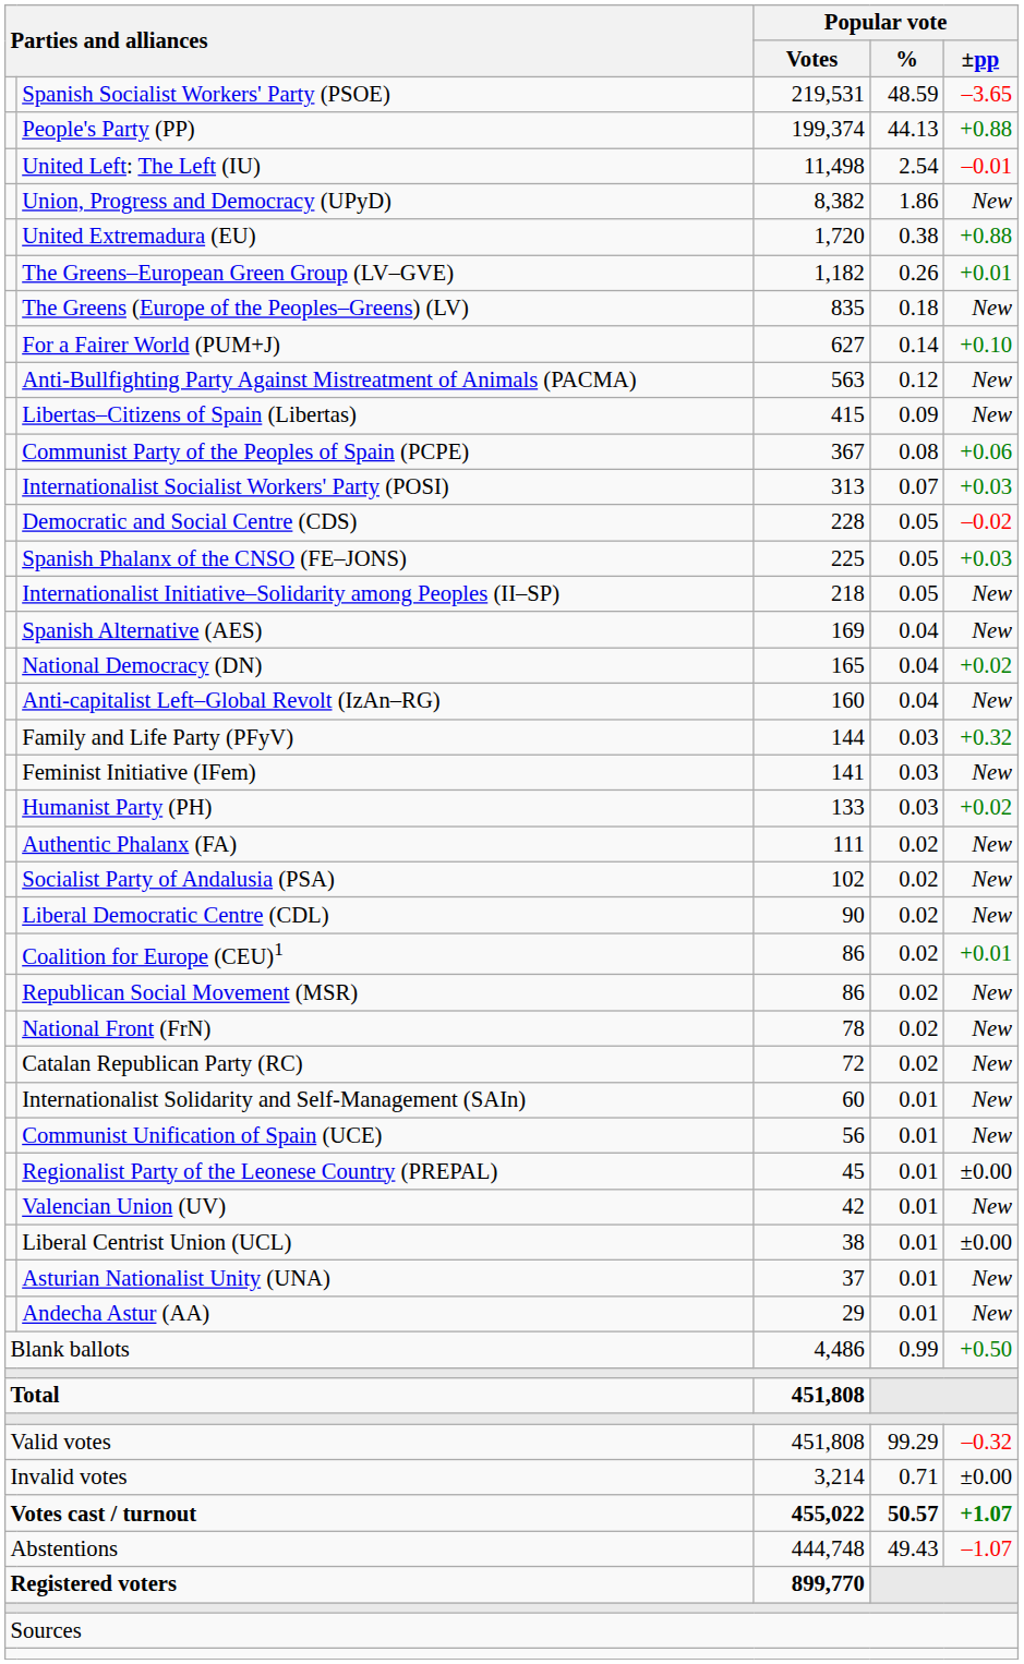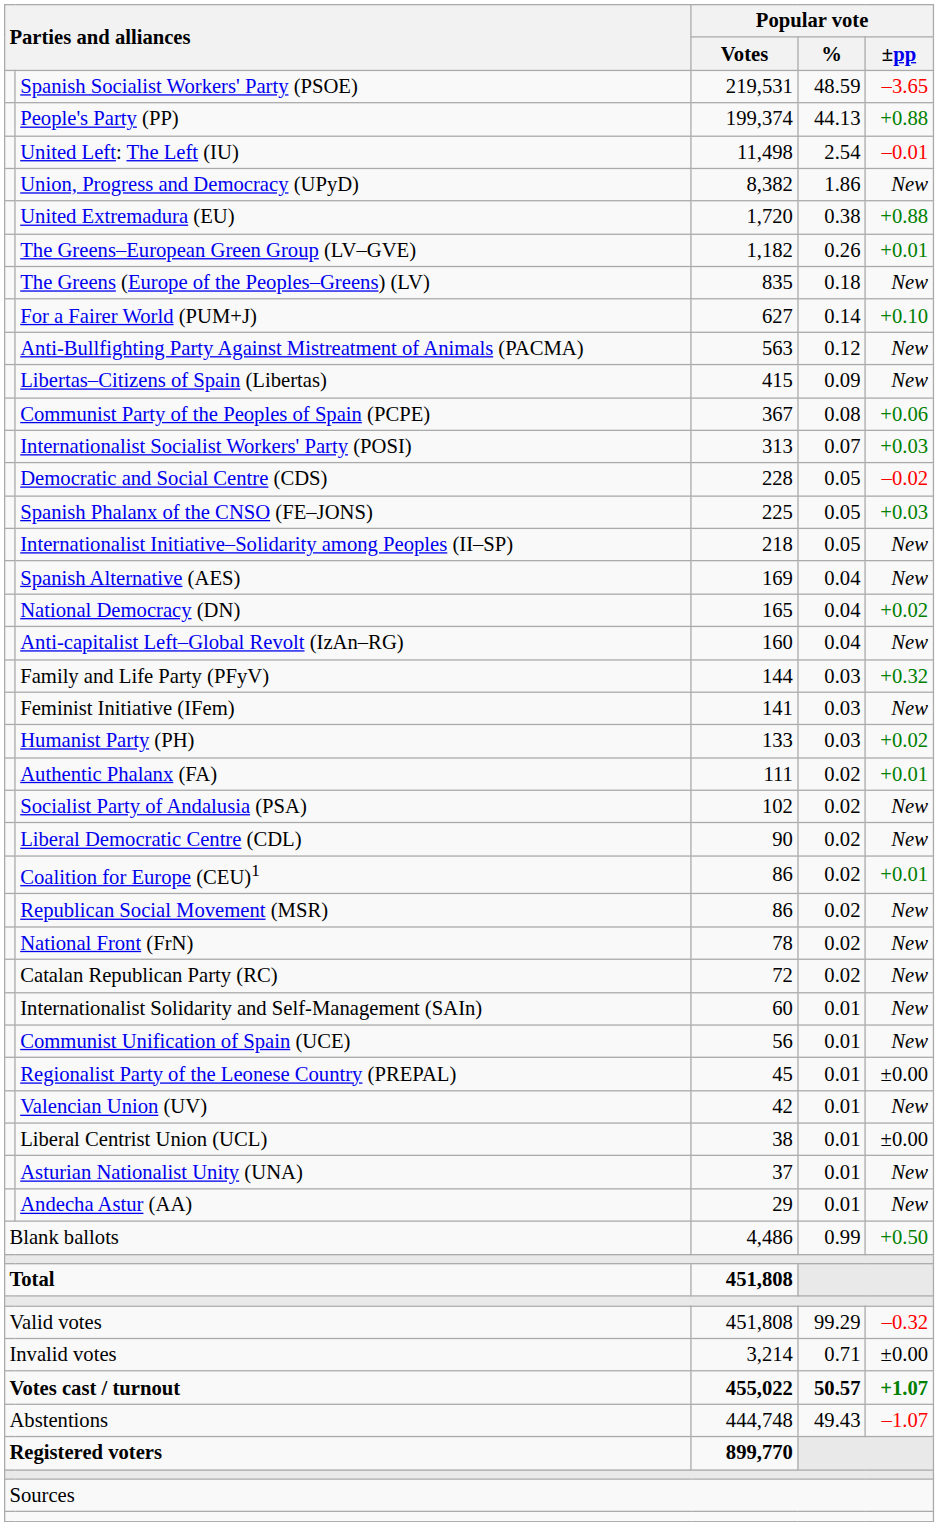 <table class="wikitable" style="text-align:right">
 <tr>
 <th style="text-align:left;" rowspan="2" colspan="2" width="525">Parties and alliances</th>
 <th colspan="3">Popular vote</th>
 </tr>
 <tr>
 <th width="75">Votes</th>
 <th width="45">%</th>
 <th width="45">±<a href='#'>pp</a></th>
 </tr>
 <tr>
 <td width="1" style="color:inherit;background:"></td>
 <td align="left"><a href='#'>Spanish Socialist Workers' Party</a> (PSOE)</td>
 <td>219,531</td>
 <td>48.59</td>
 <td style="color:red;">–3.65</td>
 </tr>
 <tr>
 <td style="color:inherit;background:"></td>
 <td align="left"><a href='#'>People's Party</a> (PP)</td>
 <td>199,374</td>
 <td>44.13</td>
 <td style="color:green;">+0.88</td>
 </tr>
 <tr>
 <td style="color:inherit;background:"></td>
 <td align="left"><a href='#'>United Left</a>: <a href='#'>The Left</a> (IU)</td>
 <td>11,498</td>
 <td>2.54</td>
 <td style="color:red;">–0.01</td>
 </tr>
 <tr>
 <td style="color:inherit;background:"></td>
 <td align="left"><a href='#'>Union, Progress and Democracy</a> (UPyD)</td>
 <td>8,382</td>
 <td>1.86</td>
 <td><em>New</em></td>
 </tr>
 <tr>
 <td style="color:inherit;background:"></td>
 <td align="left"><a href='#'>United Extremadura</a> (EU)</td>
 <td>1,720</td>
 <td>0.38</td>
 <td style="color:green;">+0.88</td>
 </tr>
 <tr>
 <td style="color:inherit;background:"></td>
 <td align="left"><a href='#'>The Greens–European Green Group</a> (LV–GVE)</td>
 <td>1,182</td>
 <td>0.26</td>
 <td style="color:green;">+0.01</td>
 </tr>
 <tr>
 <td style="color:inherit;background:"></td>
 <td align="left"><a href='#'>The Greens</a> (<a href='#'>Europe of the Peoples–Greens</a>) (LV)</td>
 <td>835</td>
 <td>0.18</td>
 <td><em>New</em></td>
 </tr>
 <tr>
 <td style="color:inherit;background:"></td>
 <td align="left"><a href='#'>For a Fairer World</a> (PUM+J)</td>
 <td>627</td>
 <td>0.14</td>
 <td style="color:green;">+0.10</td>
 </tr>
 <tr>
 <td style="color:inherit;background:"></td>
 <td align="left"><a href='#'>Anti-Bullfighting Party Against Mistreatment of Animals</a> (PACMA)</td>
 <td>563</td>
 <td>0.12</td>
 <td><em>New</em></td>
 </tr>
 <tr>
 <td style="color:inherit;background:"></td>
 <td align="left"><a href='#'>Libertas–Citizens of Spain</a> (Libertas)</td>
 <td>415</td>
 <td>0.09</td>
 <td><em>New</em></td>
 </tr>
 <tr>
 <td style="color:inherit;background:"></td>
 <td align="left"><a href='#'>Communist Party of the Peoples of Spain</a> (PCPE)</td>
 <td>367</td>
 <td>0.08</td>
 <td style="color:green;">+0.06</td>
 </tr>
 <tr>
 <td style="color:inherit;background:"></td>
 <td align="left"><a href='#'>Internationalist Socialist Workers' Party</a> (POSI)</td>
 <td>313</td>
 <td>0.07</td>
 <td style="color:green;">+0.03</td>
 </tr>
 <tr>
 <td style="color:inherit;background:"></td>
 <td align="left"><a href='#'>Democratic and Social Centre</a> (CDS)</td>
 <td>228</td>
 <td>0.05</td>
 <td style="color:red;">–0.02</td>
 </tr>
 <tr>
 <td style="color:inherit;background:"></td>
 <td align="left"><a href='#'>Spanish Phalanx of the CNSO</a> (FE–JONS)</td>
 <td>225</td>
 <td>0.05</td>
 <td style="color:green;">+0.03</td>
 </tr>
 <tr>
 <td style="color:inherit;background:"></td>
 <td align="left"><a href='#'>Internationalist Initiative–Solidarity among Peoples</a> (II–SP)</td>
 <td>218</td>
 <td>0.05</td>
 <td><em>New</em></td>
 </tr>
 <tr>
 <td style="color:inherit;background:"></td>
 <td align="left"><a href='#'>Spanish Alternative</a> (AES)</td>
 <td>169</td>
 <td>0.04</td>
 <td><em>New</em></td>
 </tr>
 <tr>
 <td style="color:inherit;background:"></td>
 <td align="left"><a href='#'>National Democracy</a> (DN)</td>
 <td>165</td>
 <td>0.04</td>
 <td style="color:green;">+0.02</td>
 </tr>
 <tr>
 <td style="color:inherit;background:"></td>
 <td align="left"><a href='#'>Anti-capitalist Left–Global Revolt</a> (IzAn–RG)</td>
 <td>160</td>
 <td>0.04</td>
 <td><em>New</em></td>
 </tr>
 <tr>
 <td style="color:inherit;background:"></td>
 <td align="left">Family and Life Party (PFyV)</td>
 <td>144</td>
 <td>0.03</td>
 <td style="color:green;">+0.32</td>
 </tr>
 <tr>
 <td style="color:inherit;background:"></td>
 <td align="left">Feminist Initiative (IFem)</td>
 <td>141</td>
 <td>0.03</td>
 <td><em>New</em></td>
 </tr>
 <tr>
 <td style="color:inherit;background:"></td>
 <td align="left"><a href='#'>Humanist Party</a> (PH)</td>
 <td>133</td>
 <td>0.03</td>
 <td style="color:green;">+0.02</td>
 </tr>
 <tr>
 <td style="color:inherit;background:"></td>
 <td align="left"><a href='#'>Authentic Phalanx</a> (FA)</td>
 <td>111</td>
 <td>0.02</td>
-<td><em>New</em></td>
+<td style="color:green;">+0.01</td>
 </tr>
 <tr>
 <td style="color:inherit;background:"></td>
 <td align="left"><a href='#'>Socialist Party of Andalusia</a> (PSA)</td>
 <td>102</td>
 <td>0.02</td>
 <td><em>New</em></td>
 </tr>
 <tr>
 <td style="color:inherit;background:"></td>
 <td align="left"><a href='#'>Liberal Democratic Centre</a> (CDL)</td>
 <td>90</td>
 <td>0.02</td>
 <td><em>New</em></td>
 </tr>
 <tr>
 <td style="color:inherit;background:"></td>
 <td align="left"><a href='#'>Coalition for Europe</a> (CEU)<sup>1</sup></td>
 <td>86</td>
 <td>0.02</td>
 <td style="color:green;">+0.01</td>
 </tr>
 <tr>
 <td style="color:inherit;background:"></td>
 <td align="left"><a href='#'>Republican Social Movement</a> (MSR)</td>
 <td>86</td>
 <td>0.02</td>
 <td><em>New</em></td>
 </tr>
 <tr>
 <td style="color:inherit;background:"></td>
 <td align="left"><a href='#'>National Front</a> (FrN)</td>
 <td>78</td>
 <td>0.02</td>
 <td><em>New</em></td>
 </tr>
 <tr>
 <td style="color:inherit;background:"></td>
 <td align="left">Catalan Republican Party (RC)</td>
 <td>72</td>
 <td>0.02</td>
 <td><em>New</em></td>
 </tr>
 <tr>
 <td style="color:inherit;background:"></td>
 <td align="left">Internationalist Solidarity and Self-Management (SAIn)</td>
 <td>60</td>
 <td>0.01</td>
 <td><em>New</em></td>
 </tr>
 <tr>
 <td style="color:inherit;background:"></td>
 <td align="left"><a href='#'>Communist Unification of Spain</a> (UCE)</td>
 <td>56</td>
 <td>0.01</td>
 <td><em>New</em></td>
 </tr>
 <tr>
 <td style="color:inherit;background:"></td>
 <td align="left"><a href='#'>Regionalist Party of the Leonese Country</a> (PREPAL)</td>
 <td>45</td>
 <td>0.01</td>
 <td>±0.00</td>
 </tr>
 <tr>
 <td style="color:inherit;background:"></td>
 <td align="left"><a href='#'>Valencian Union</a> (UV)</td>
 <td>42</td>
 <td>0.01</td>
 <td><em>New</em></td>
 </tr>
 <tr>
 <td style="color:inherit;background:"></td>
 <td align="left">Liberal Centrist Union (UCL)</td>
 <td>38</td>
 <td>0.01</td>
 <td>±0.00</td>
 </tr>
 <tr>
 <td style="color:inherit;background:"></td>
 <td align="left"><a href='#'>Asturian Nationalist Unity</a> (UNA)</td>
 <td>37</td>
 <td>0.01</td>
 <td><em>New</em></td>
 </tr>
 <tr>
 <td style="color:inherit;background:"></td>
 <td align="left"><a href='#'>Andecha Astur</a> (AA)</td>
 <td>29</td>
 <td>0.01</td>
 <td><em>New</em></td>
 </tr>
 <tr>
 <td align="left" colspan="2">Blank ballots</td>
 <td>4,486</td>
 <td>0.99</td>
 <td style="color:green;">+0.50</td>
 </tr>
 <tr>
 <td colspan="5" bgcolor="#E9E9E9"></td>
 </tr>
 <tr style="font-weight:bold;">
 <td align="left" colspan="2">Total</td>
 <td>451,808</td>
 <td bgcolor="#E9E9E9" colspan="2"></td>
 </tr>
 <tr>
 <td colspan="5" bgcolor="#E9E9E9"></td>
 </tr>
 <tr>
 <td align="left" colspan="2">Valid votes</td>
 <td>451,808</td>
 <td>99.29</td>
 <td style="color:red;">–0.32</td>
 </tr>
 <tr>
 <td align="left" colspan="2">Invalid votes</td>
 <td>3,214</td>
 <td>0.71</td>
 <td>±0.00</td>
 </tr>
 <tr style="font-weight:bold;">
 <td align="left" colspan="2">Votes cast / turnout</td>
 <td>455,022</td>
 <td>50.57</td>
 <td style="color:green;">+1.07</td>
 </tr>
 <tr>
 <td align="left" colspan="2">Abstentions</td>
 <td>444,748</td>
 <td>49.43</td>
 <td style="color:red;">–1.07</td>
 </tr>
 <tr style="font-weight:bold;">
 <td align="left" colspan="2">Registered voters</td>
 <td>899,770</td>
 <td bgcolor="#E9E9E9" colspan="2"></td>
 </tr>
 <tr>
 <td colspan="5" bgcolor="#E9E9E9"></td>
 </tr>
 <tr>
 <td align="left" colspan="5">Sources</td>
 </tr>
 <tr>
 <td colspan="5" style="text-align:left; max-width:680px;"></td>
 </tr>
 </table>
